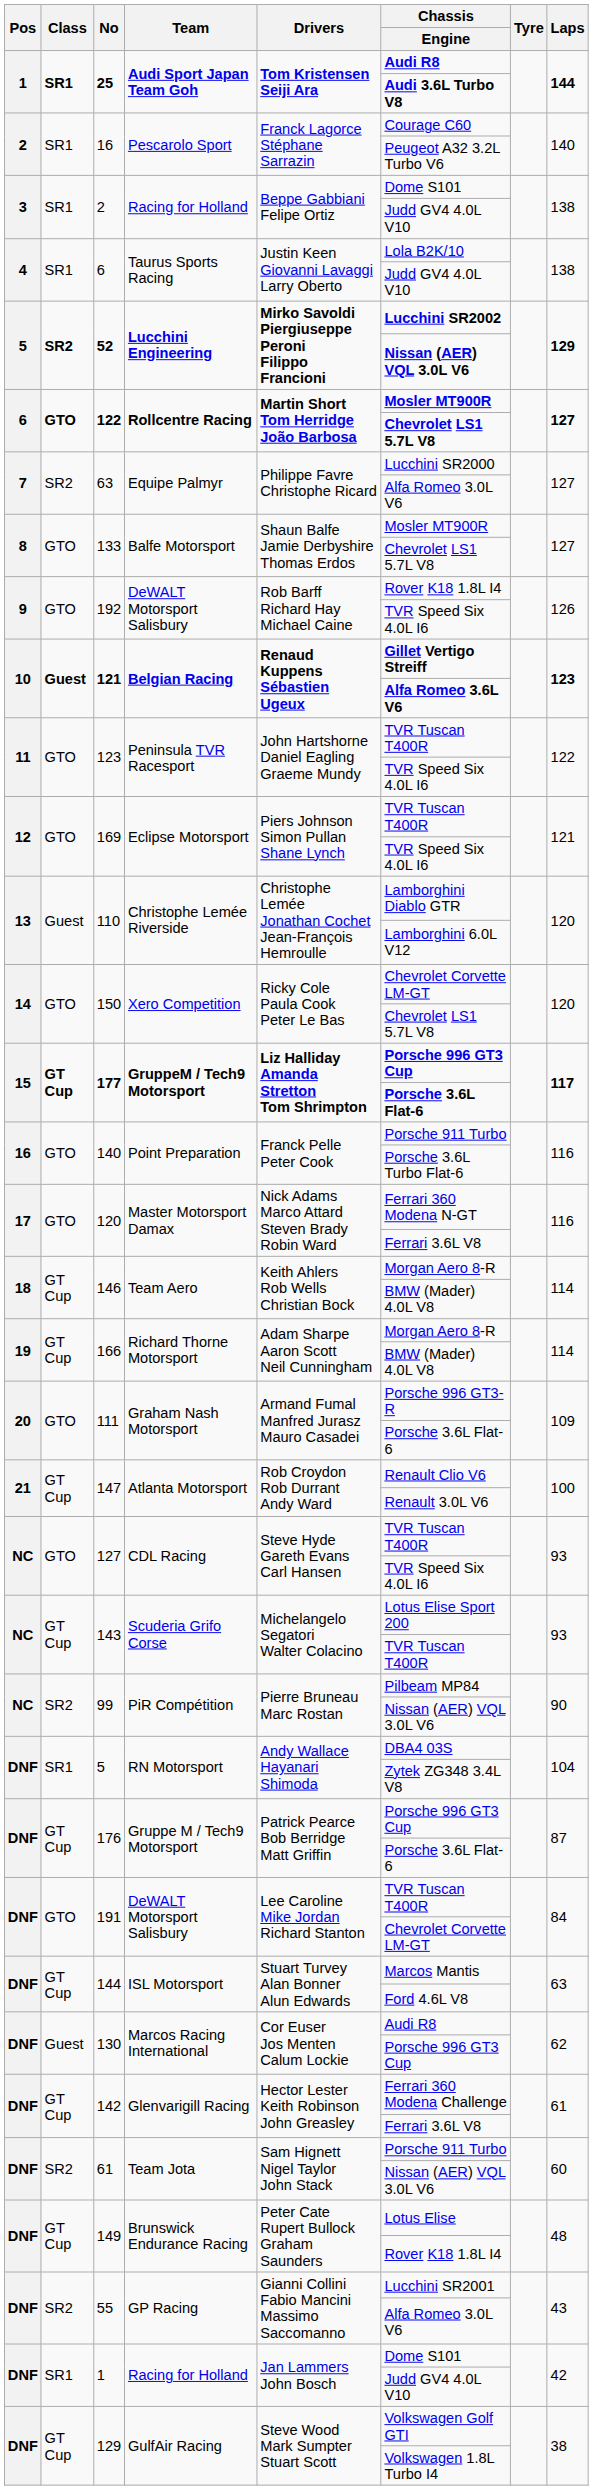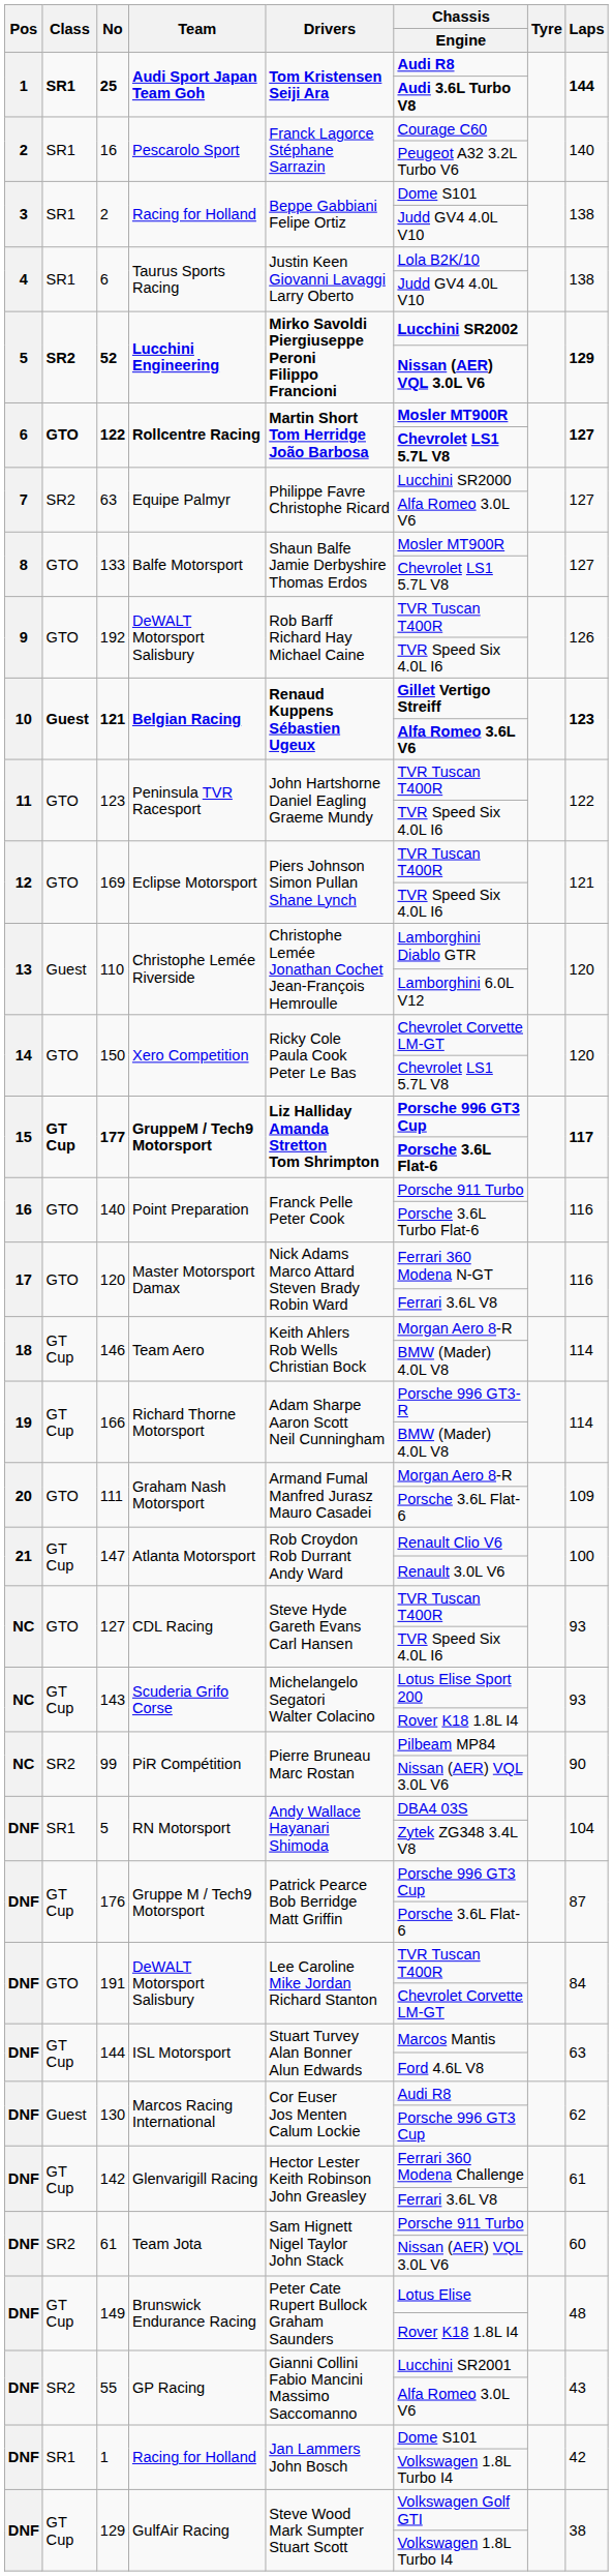 <table class="wikitable" style="font-size: 95%;">
 <tr>
 <th rowspan=2>Pos</th>
 <th rowspan=2>Class</th>
 <th rowspan=2>No</th>
 <th rowspan=2>Team</th>
 <th rowspan=2>Drivers</th>
 <th>Chassis</th>
 <th rowspan=2>Tyre</th>
 <th rowspan=2>Laps</th>
 </tr>
 <tr>
 <th>Engine</th>
 </tr>
 <tr style="font-weight:bold">
 <th rowspan=2>1</th>
 <td rowspan=2>SR1</td>
 <td rowspan=2>25</td>
 <td rowspan=2> <a href='#'>Audi Sport Japan Team Goh</a></td>
 <td rowspan=2> <a href='#'>Tom Kristensen</a><br> <a href='#'>Seiji Ara</a></td>
 <td><a href='#'>Audi R8</a></td>
 <td rowspan=2></td>
 <td rowspan=2>144</td>
 </tr>
 <tr style="font-weight:bold">
 <td><a href='#'>Audi</a> 3.6L Turbo V8</td>
 </tr>
 <tr>
 <th rowspan=2>2</th>
 <td rowspan=2>SR1</td>
 <td rowspan=2>16</td>
 <td rowspan=2> <a href='#'>Pescarolo Sport</a></td>
 <td rowspan=2> <a href='#'>Franck Lagorce</a><br> <a href='#'>Stéphane Sarrazin</a></td>
 <td><a href='#'>Courage C60</a></td>
 <td rowspan=2></td>
 <td rowspan=2>140</td>
 </tr>
 <tr>
 <td><a href='#'>Peugeot</a> A32 3.2L Turbo V6</td>
 </tr>
 <tr>
 <th rowspan=2>3</th>
 <td rowspan=2>SR1</td>
 <td rowspan=2>2</td>
 <td rowspan=2> <a href='#'>Racing for Holland</a></td>
 <td rowspan=2> <a href='#'>Beppe Gabbiani</a><br> Felipe Ortiz</td>
 <td><a href='#'>Dome</a> S101</td>
 <td rowspan=2></td>
 <td rowspan=2>138</td>
 </tr>
 <tr>
 <td><a href='#'>Judd</a> GV4 4.0L V10</td>
 </tr>
 <tr>
 <th rowspan=2>4</th>
 <td rowspan=2>SR1</td>
 <td rowspan=2>6</td>
 <td rowspan=2> Taurus Sports Racing</td>
 <td rowspan=2> Justin Keen<br> <a href='#'>Giovanni Lavaggi</a><br> Larry Oberto</td>
 <td><a href='#'>Lola B2K/10</a></td>
 <td rowspan=2></td>
 <td rowspan=2>138</td>
 </tr>
 <tr>
 <td><a href='#'>Judd</a> GV4 4.0L V10</td>
 </tr>
 <tr style="font-weight:bold">
 <th rowspan=2>5</th>
 <td rowspan=2>SR2</td>
 <td rowspan=2>52</td>
 <td rowspan=2> <a href='#'>Lucchini Engineering</a></td>
 <td rowspan=2> Mirko Savoldi<br> Piergiuseppe Peroni<br> Filippo Francioni</td>
 <td><a href='#'>Lucchini</a> SR2002</td>
 <td rowspan=2></td>
 <td rowspan=2>129</td>
 </tr>
 <tr style="font-weight:bold">
 <td><a href='#'>Nissan</a> (<a href='#'>AER</a>) <a href='#'>VQL</a> 3.0L V6</td>
 </tr>
 <tr style="font-weight:bold">
 <th rowspan=2>6</th>
 <td rowspan=2>GTO</td>
 <td rowspan=2>122</td>
 <td rowspan=2> Rollcentre Racing</td>
 <td rowspan=2> Martin Short<br> <a href='#'>Tom Herridge</a><br> <a href='#'>João Barbosa</a></td>
 <td><a href='#'>Mosler MT900R</a></td>
 <td rowspan=2></td>
 <td rowspan=2>127</td>
 </tr>
 <tr style="font-weight:bold">
 <td><a href='#'>Chevrolet</a> <a href='#'>LS1</a> 5.7L V8</td>
 </tr>
 <tr>
 <th rowspan=2>7</th>
 <td rowspan=2>SR2</td>
 <td rowspan=2>63</td>
 <td rowspan=2> Equipe Palmyr</td>
 <td rowspan=2> Philippe Favre<br> Christophe Ricard</td>
 <td><a href='#'>Lucchini</a> SR2000</td>
 <td rowspan=2></td>
 <td rowspan=2>127</td>
 </tr>
 <tr>
 <td><a href='#'>Alfa Romeo</a> 3.0L V6</td>
 </tr>
 <tr>
 <th rowspan=2>8</th>
 <td rowspan=2>GTO</td>
 <td rowspan=2>133</td>
 <td rowspan=2> Balfe Motorsport</td>
 <td rowspan=2> Shaun Balfe<br> Jamie Derbyshire<br> Thomas Erdos</td>
 <td><a href='#'>Mosler MT900R</a></td>
 <td rowspan=2></td>
 <td rowspan=2>127</td>
 </tr>
 <tr>
 <td><a href='#'>Chevrolet</a> <a href='#'>LS1</a> 5.7L V8</td>
 </tr>
 <tr>
 <th rowspan=2>9</th>
 <td rowspan=2>GTO</td>
 <td rowspan=2>192</td>
 <td rowspan=2> <a href='#'>DeWALT</a> Motorsport Salisbury</td>
 <td rowspan=2> Rob Barff<br> Richard Hay<br> Michael Caine</td>
-<td><a href='#'>Rover</a> <a href='#'>K18</a> 1.8L I4</td>
+<td><a href='#'>TVR Tuscan T400R</a></td>
 <td rowspan=2></td>
 <td rowspan=2>126</td>
 </tr>
 <tr>
 <td><a href='#'>TVR</a> Speed Six 4.0L I6</td>
 </tr>
 <tr style="font-weight:bold">
 <th rowspan=2>10</th>
 <td rowspan=2>Guest</td>
 <td rowspan=2>121</td>
 <td rowspan=2> <a href='#'>Belgian Racing</a></td>
 <td rowspan=2> Renaud Kuppens<br> <a href='#'>Sébastien Ugeux</a></td>
 <td><a href='#'>Gillet</a> Vertigo Streiff</td>
 <td rowspan=2></td>
 <td rowspan=2>123</td>
 </tr>
 <tr style="font-weight:bold">
 <td><a href='#'>Alfa Romeo</a> 3.6L V6</td>
 </tr>
 <tr>
 <th rowspan=2>11</th>
 <td rowspan=2>GTO</td>
 <td rowspan=2>123</td>
 <td rowspan=2> Peninsula <a href='#'>TVR</a> Racesport</td>
 <td rowspan=2> John Hartshorne<br> Daniel Eagling<br> Graeme Mundy</td>
 <td><a href='#'>TVR Tuscan T400R</a></td>
 <td rowspan=2></td>
 <td rowspan=2>122</td>
 </tr>
 <tr>
 <td><a href='#'>TVR</a> Speed Six 4.0L I6</td>
 </tr>
 <tr>
 <th rowspan=2>12</th>
 <td rowspan=2>GTO</td>
 <td rowspan=2>169</td>
 <td rowspan=2> Eclipse Motorsport</td>
 <td rowspan=2> Piers Johnson<br> Simon Pullan<br> <a href='#'>Shane Lynch</a></td>
 <td><a href='#'>TVR Tuscan T400R</a></td>
 <td rowspan=2></td>
 <td rowspan=2>121</td>
 </tr>
 <tr>
 <td><a href='#'>TVR</a> Speed Six 4.0L I6</td>
 </tr>
 <tr>
 <th rowspan=2>13</th>
 <td rowspan=2>Guest</td>
 <td rowspan=2>110</td>
 <td rowspan=2> Christophe Lemée<br> Riverside</td>
 <td rowspan=2> Christophe Lemée<br> <a href='#'>Jonathan Cochet</a><br> Jean-François Hemroulle</td>
 <td><a href='#'>Lamborghini Diablo</a> GTR</td>
 <td rowspan=2></td>
 <td rowspan=2>120</td>
 </tr>
 <tr>
 <td><a href='#'>Lamborghini</a> 6.0L V12</td>
 </tr>
 <tr>
 <th rowspan=2>14</th>
 <td rowspan=2>GTO</td>
 <td rowspan=2>150</td>
 <td rowspan=2> <a href='#'>Xero Competition</a></td>
 <td rowspan=2> Ricky Cole<br> Paula Cook<br> Peter Le Bas</td>
 <td><a href='#'>Chevrolet Corvette LM-GT</a></td>
 <td rowspan=2></td>
 <td rowspan=2>120</td>
 </tr>
 <tr>
 <td><a href='#'>Chevrolet</a> <a href='#'>LS1</a> 5.7L V8</td>
 </tr>
 <tr style="font-weight:bold">
 <th rowspan=2>15</th>
 <td rowspan=2>GT Cup</td>
 <td rowspan=2>177</td>
 <td rowspan=2> GruppeM / Tech9 Motorsport</td>
 <td rowspan=2> Liz Halliday<br> <a href='#'>Amanda Stretton</a><br> Tom Shrimpton</td>
 <td><a href='#'>Porsche 996 GT3 Cup</a></td>
 <td rowspan=2></td>
 <td rowspan=2>117</td>
 </tr>
 <tr style="font-weight:bold">
 <td><a href='#'>Porsche</a> 3.6L Flat-6</td>
 </tr>
 <tr>
 <th rowspan=2>16</th>
 <td rowspan=2>GTO</td>
 <td rowspan=2>140</td>
 <td rowspan=2> Point Preparation</td>
 <td rowspan=2> Franck Pelle<br> Peter Cook</td>
 <td><a href='#'>Porsche 911 Turbo</a></td>
 <td rowspan=2></td>
 <td rowspan=2>116</td>
 </tr>
 <tr>
 <td><a href='#'>Porsche</a> 3.6L Turbo Flat-6</td>
 </tr>
 <tr>
 <th rowspan=2>17</th>
 <td rowspan=2>GTO</td>
 <td rowspan=2>120</td>
 <td rowspan=2> Master Motorsport<br> Damax</td>
 <td rowspan=2> Nick Adams<br> Marco Attard<br> Steven Brady<br> Robin Ward</td>
 <td><a href='#'>Ferrari 360 Modena</a> N-GT</td>
 <td rowspan=2></td>
 <td rowspan=2>116</td>
 </tr>
 <tr>
 <td><a href='#'>Ferrari</a> 3.6L V8</td>
 </tr>
 <tr>
 <th rowspan=2>18</th>
 <td rowspan=2>GT Cup</td>
 <td rowspan=2>146</td>
 <td rowspan=2> Team Aero</td>
 <td rowspan=2> Keith Ahlers<br> Rob Wells<br> Christian Bock</td>
 <td><a href='#'>Morgan Aero 8</a>-R</td>
 <td rowspan=2></td>
 <td rowspan=2>114</td>
 </tr>
 <tr>
 <td><a href='#'>BMW</a> (Mader) 4.0L V8</td>
 </tr>
 <tr>
 <th rowspan=2>19</th>
 <td rowspan=2>GT Cup</td>
 <td rowspan=2>166</td>
 <td rowspan=2> Richard Thorne Motorsport</td>
 <td rowspan=2> Adam Sharpe<br> Aaron Scott<br> Neil Cunningham</td>
-<td><a href='#'>Morgan Aero 8</a>-R</td>
+<td><a href='#'>Porsche 996 GT3-R</a></td>
 <td rowspan=2></td>
 <td rowspan=2>114</td>
 </tr>
 <tr>
 <td><a href='#'>BMW</a> (Mader) 4.0L V8</td>
 </tr>
 <tr>
 <th rowspan=2>20</th>
 <td rowspan=2>GTO</td>
 <td rowspan=2>111</td>
 <td rowspan=2> Graham Nash Motorsport</td>
 <td rowspan=2> Armand Fumal<br> Manfred Jurasz<br> Mauro Casadei</td>
-<td><a href='#'>Porsche 996 GT3-R</a></td>
+<td><a href='#'>Morgan Aero 8</a>-R</td>
 <td rowspan=2></td>
 <td rowspan=2>109</td>
 </tr>
 <tr>
 <td><a href='#'>Porsche</a> 3.6L Flat-6</td>
 </tr>
 <tr>
 <th rowspan=2>21</th>
 <td rowspan=2>GT Cup</td>
 <td rowspan=2>147</td>
 <td rowspan=2> Atlanta Motorsport</td>
 <td rowspan=2> Rob Croydon<br> Rob Durrant<br> Andy Ward</td>
 <td><a href='#'>Renault Clio V6</a></td>
 <td rowspan=2></td>
 <td rowspan=2>100</td>
 </tr>
 <tr>
 <td><a href='#'>Renault</a> 3.0L V6</td>
 </tr>
 <tr>
 <th rowspan=2>NC</th>
 <td rowspan=2>GTO</td>
 <td rowspan=2>127</td>
 <td rowspan=2> CDL Racing</td>
 <td rowspan=2> Steve Hyde<br> Gareth Evans<br> Carl Hansen</td>
 <td><a href='#'>TVR Tuscan T400R</a></td>
 <td rowspan=2></td>
 <td rowspan=2>93</td>
 </tr>
 <tr>
 <td><a href='#'>TVR</a> Speed Six 4.0L I6</td>
 </tr>
 <tr>
 <th rowspan=2>NC</th>
 <td rowspan=2>GT Cup</td>
 <td rowspan=2>143</td>
 <td rowspan=2> <a href='#'>Scuderia Grifo Corse</a></td>
 <td rowspan=2> Michelangelo Segatori<br>  Walter Colacino</td>
 <td><a href='#'>Lotus Elise Sport 200</a></td>
 <td rowspan=2></td>
 <td rowspan=2>93</td>
 </tr>
 <tr>
-<td><a href='#'>TVR Tuscan T400R</a></td>
+<td><a href='#'>Rover</a> <a href='#'>K18</a> 1.8L I4</td>
 </tr>
 <tr>
 <th rowspan=2>NC</th>
 <td rowspan=2>SR2</td>
 <td rowspan=2>99</td>
 <td rowspan=2> PiR Compétition</td>
 <td rowspan=2> Pierre Bruneau<br> Marc Rostan</td>
 <td><a href='#'>Pilbeam</a> MP84</td>
 <td rowspan=2></td>
 <td rowspan=2>90</td>
 </tr>
 <tr>
 <td><a href='#'>Nissan</a> (<a href='#'>AER</a>) <a href='#'>VQL</a> 3.0L V6</td>
 </tr>
 <tr>
 <th rowspan=2>DNF</th>
 <td rowspan=2>SR1</td>
 <td rowspan=2>5</td>
 <td rowspan=2> RN Motorsport</td>
 <td rowspan=2> <a href='#'>Andy Wallace</a><br> <a href='#'>Hayanari Shimoda</a></td>
 <td><a href='#'>DBA4 03S</a></td>
 <td rowspan=2></td>
 <td rowspan=2>104</td>
 </tr>
 <tr>
 <td><a href='#'>Zytek</a> ZG348 3.4L V8</td>
 </tr>
 <tr>
 <th rowspan=2>DNF</th>
 <td rowspan=2>GT Cup</td>
 <td rowspan=2>176</td>
 <td rowspan=2> Gruppe M / Tech9 Motorsport</td>
 <td rowspan=2> Patrick Pearce<br> Bob Berridge<br> Matt Griffin</td>
 <td><a href='#'>Porsche 996 GT3 Cup</a></td>
 <td rowspan=2></td>
 <td rowspan=2>87</td>
 </tr>
 <tr>
 <td><a href='#'>Porsche</a> 3.6L Flat-6</td>
 </tr>
 <tr>
 <th rowspan=2>DNF</th>
 <td rowspan=2>GTO</td>
 <td rowspan=2>191</td>
 <td rowspan=2> <a href='#'>DeWALT</a> Motorsport Salisbury</td>
 <td rowspan=2> Lee Caroline<br> <a href='#'>Mike Jordan</a><br> Richard Stanton</td>
 <td><a href='#'>TVR Tuscan T400R</a></td>
 <td rowspan=2></td>
 <td rowspan=2>84</td>
 </tr>
 <tr>
 <td><a href='#'>Chevrolet Corvette LM-GT</a></td>
 </tr>
 <tr>
 <th rowspan=2>DNF</th>
 <td rowspan=2>GT Cup</td>
 <td rowspan=2>144</td>
 <td rowspan=2> ISL Motorsport</td>
 <td rowspan=2> Stuart Turvey<br> Alan Bonner<br> Alun Edwards</td>
 <td><a href='#'>Marcos</a> Mantis</td>
 <td rowspan=2></td>
 <td rowspan=2>63</td>
 </tr>
 <tr>
 <td><a href='#'>Ford</a> 4.6L V8</td>
 </tr>
 <tr>
 <th rowspan=2>DNF</th>
 <td rowspan=2>Guest</td>
 <td rowspan=2>130</td>
 <td rowspan=2> Marcos Racing International</td>
 <td rowspan=2> Cor Euser<br> Jos Menten<br> Calum Lockie</td>
 <td><a href='#'>Audi R8</a></td>
 <td rowspan=2></td>
 <td rowspan=2>62</td>
 </tr>
 <tr>
 <td><a href='#'>Porsche 996 GT3 Cup</a></td>
 </tr>
 <tr>
 <th rowspan=2>DNF</th>
 <td rowspan=2>GT Cup</td>
 <td rowspan=2>142</td>
 <td rowspan=2> Glenvarigill Racing</td>
 <td rowspan=2> Hector Lester<br> Keith Robinson<br> John Greasley</td>
 <td><a href='#'>Ferrari 360 Modena</a> Challenge</td>
 <td rowspan=2></td>
 <td rowspan=2>61</td>
 </tr>
 <tr>
 <td><a href='#'>Ferrari</a> 3.6L V8</td>
 </tr>
 <tr>
 <th rowspan=2>DNF</th>
 <td rowspan=2>SR2</td>
 <td rowspan=2>61</td>
 <td rowspan=2> Team Jota</td>
 <td rowspan=2> Sam Hignett<br> Nigel Taylor<br> John Stack</td>
 <td><a href='#'>Porsche 911 Turbo</a></td>
 <td rowspan=2></td>
 <td rowspan=2>60</td>
 </tr>
 <tr>
 <td><a href='#'>Nissan</a> (<a href='#'>AER</a>) <a href='#'>VQL</a> 3.0L V6</td>
 </tr>
 <tr>
 <th rowspan=2>DNF</th>
 <td rowspan=2>GT Cup</td>
 <td rowspan=2>149</td>
 <td rowspan=2> Brunswick Endurance Racing</td>
 <td rowspan=2> Peter Cate<br> Rupert Bullock<br> Graham Saunders</td>
 <td><a href='#'>Lotus Elise</a></td>
 <td rowspan=2></td>
 <td rowspan=2>48</td>
 </tr>
 <tr>
 <td><a href='#'>Rover</a> <a href='#'>K18</a> 1.8L I4</td>
 </tr>
 <tr>
 <th rowspan=2>DNF</th>
 <td rowspan=2>SR2</td>
 <td rowspan=2>55</td>
 <td rowspan=2> GP Racing</td>
 <td rowspan=2> Gianni Collini<br> Fabio Mancini<br> Massimo Saccomanno</td>
 <td><a href='#'>Lucchini</a> SR2001</td>
 <td rowspan=2></td>
 <td rowspan=2>43</td>
 </tr>
 <tr>
 <td><a href='#'>Alfa Romeo</a> 3.0L V6</td>
 </tr>
 <tr>
 <th rowspan=2>DNF</th>
 <td rowspan=2>SR1</td>
 <td rowspan=2>1</td>
 <td rowspan=2> <a href='#'>Racing for Holland</a></td>
 <td rowspan=2> <a href='#'>Jan Lammers</a><br> John Bosch</td>
 <td><a href='#'>Dome</a> S101</td>
 <td rowspan=2></td>
 <td rowspan=2>42</td>
 </tr>
 <tr>
-<td><a href='#'>Judd</a> GV4 4.0L V10</td>
+<td><a href='#'>Volkswagen</a> 1.8L Turbo I4</td>
 </tr>
 <tr>
 <th rowspan=2>DNF</th>
 <td rowspan=2>GT Cup</td>
 <td rowspan=2>129</td>
 <td rowspan=2> GulfAir Racing</td>
 <td rowspan=2> Steve Wood<br> Mark Sumpter<br> Stuart Scott</td>
 <td><a href='#'>Volkswagen Golf GTI</a></td>
 <td rowspan=2></td>
 <td rowspan=2>38</td>
 </tr>
 <tr>
 <td><a href='#'>Volkswagen</a> 1.8L Turbo I4</td>
 </tr>
 </table>
